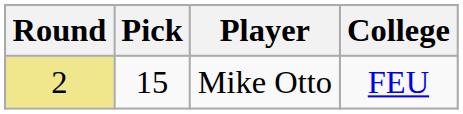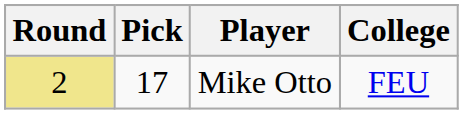 <table class="wikitable sortable sortable">
 <tr>
 <th>Round</th>
 <th>Pick</th>
 <th>Player</th>
 <th>College</th>
 </tr>
 <tr style="text-align: center">
 <td align="center" style="background: khaki;">2</td>
-<td align="center">15</td>
+<td align="center">17</td>
 <td>Mike Otto</td>
 <td><a href='#'>FEU</a></td>
 </tr>
 </table>
